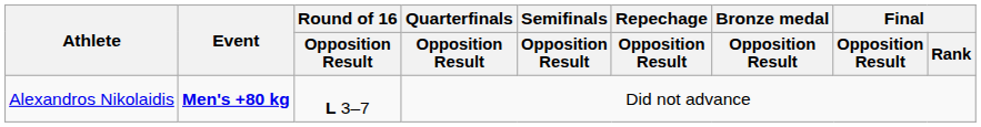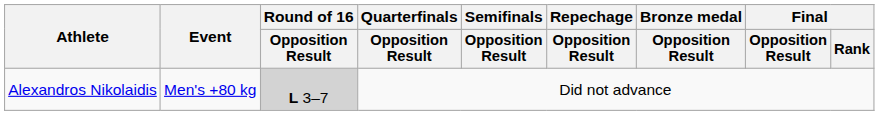 <table class="wikitable" style="font-size:90%">
 <tr>
 <th rowspan=2>Athlete</th>
 <th rowspan=2>Event</th>
 <th>Round of 16</th>
 <th>Quarterfinals</th>
 <th>Semifinals</th>
 <th>Repechage</th>
 <th>Bronze medal</th>
 <th colspan=2>Final</th>
 </tr>
 <tr style="font-size:95%">
 <th>Opposition<br>Result</th>
 <th>Opposition<br>Result</th>
 <th>Opposition<br>Result</th>
 <th>Opposition<br>Result</th>
 <th>Opposition<br>Result</th>
 <th>Opposition<br>Result</th>
 <th>Rank</th>
 </tr>
 <tr align=center>
 <td align=left><a href='#'>Alexandros Nikolaidis</a></td>
-<td align=left><strong><a href='#'>Men's +80 kg</a></strong></td>
-<td><br><strong>L</strong> 3–7</td>
+<td align=left><a href='#'>Men's +80 kg</a></td>
+<td style="background: lightgrey;"><br><strong>L</strong> 3–7</td>
 <td colspan=6>Did not advance</td>
 </tr>
 </table>
